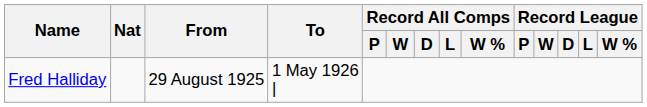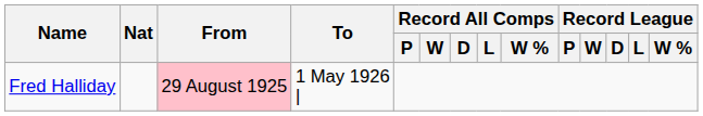 <table class="wikitable" style="text-align: center">
 <tr>
 <th rowspan="2">Name</th>
 <th rowspan="2">Nat</th>
 <th rowspan="2">From</th>
 <th rowspan="2">To</th>
 <th colspan="5">Record All Comps</th>
 <th colspan="5">Record League</th>
 </tr>
 <tr>
 <th>P</th>
 <th>W</th>
 <th>D</th>
 <th>L</th>
 <th>W %</th>
 <th>P</th>
 <th>W</th>
 <th>D</th>
 <th>L</th>
 <th>W %</th>
 </tr>
 <tr>
 <td align=left><a href='#'>Fred Halliday</a></td>
 <td></td>
-<td align=left>29 August 1925</td>
+<td align=left style="background: pink;">29 August 1925</td>
 <td align=left>1 May 1926<br>|</td>
 </tr>
 </table>
